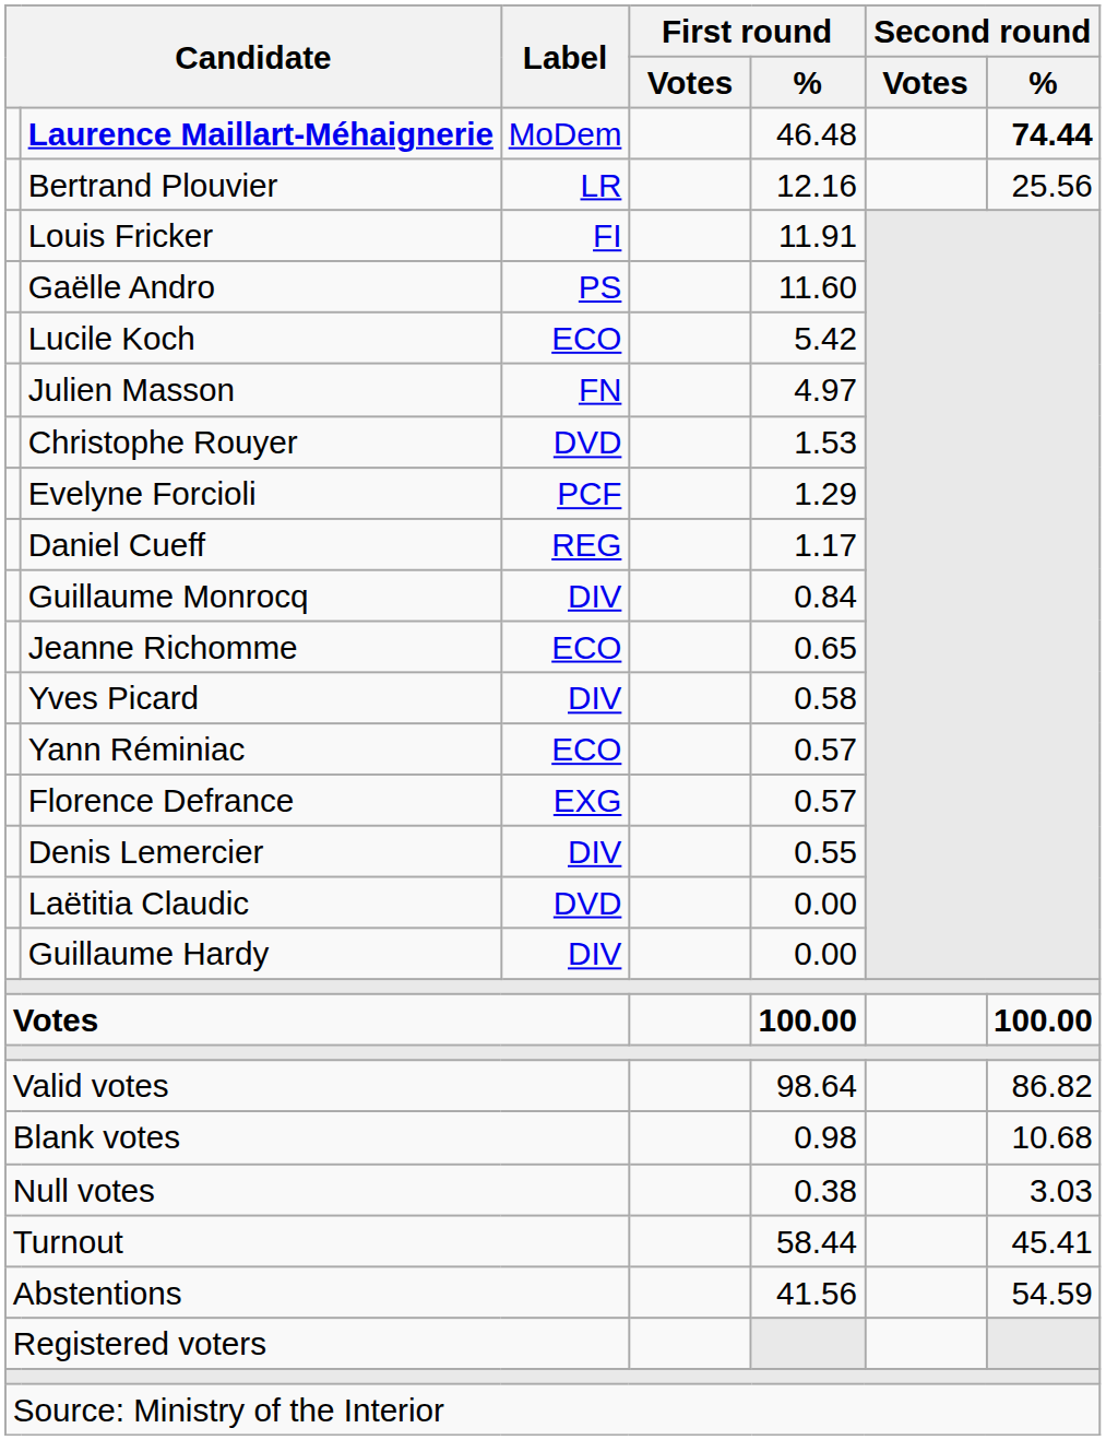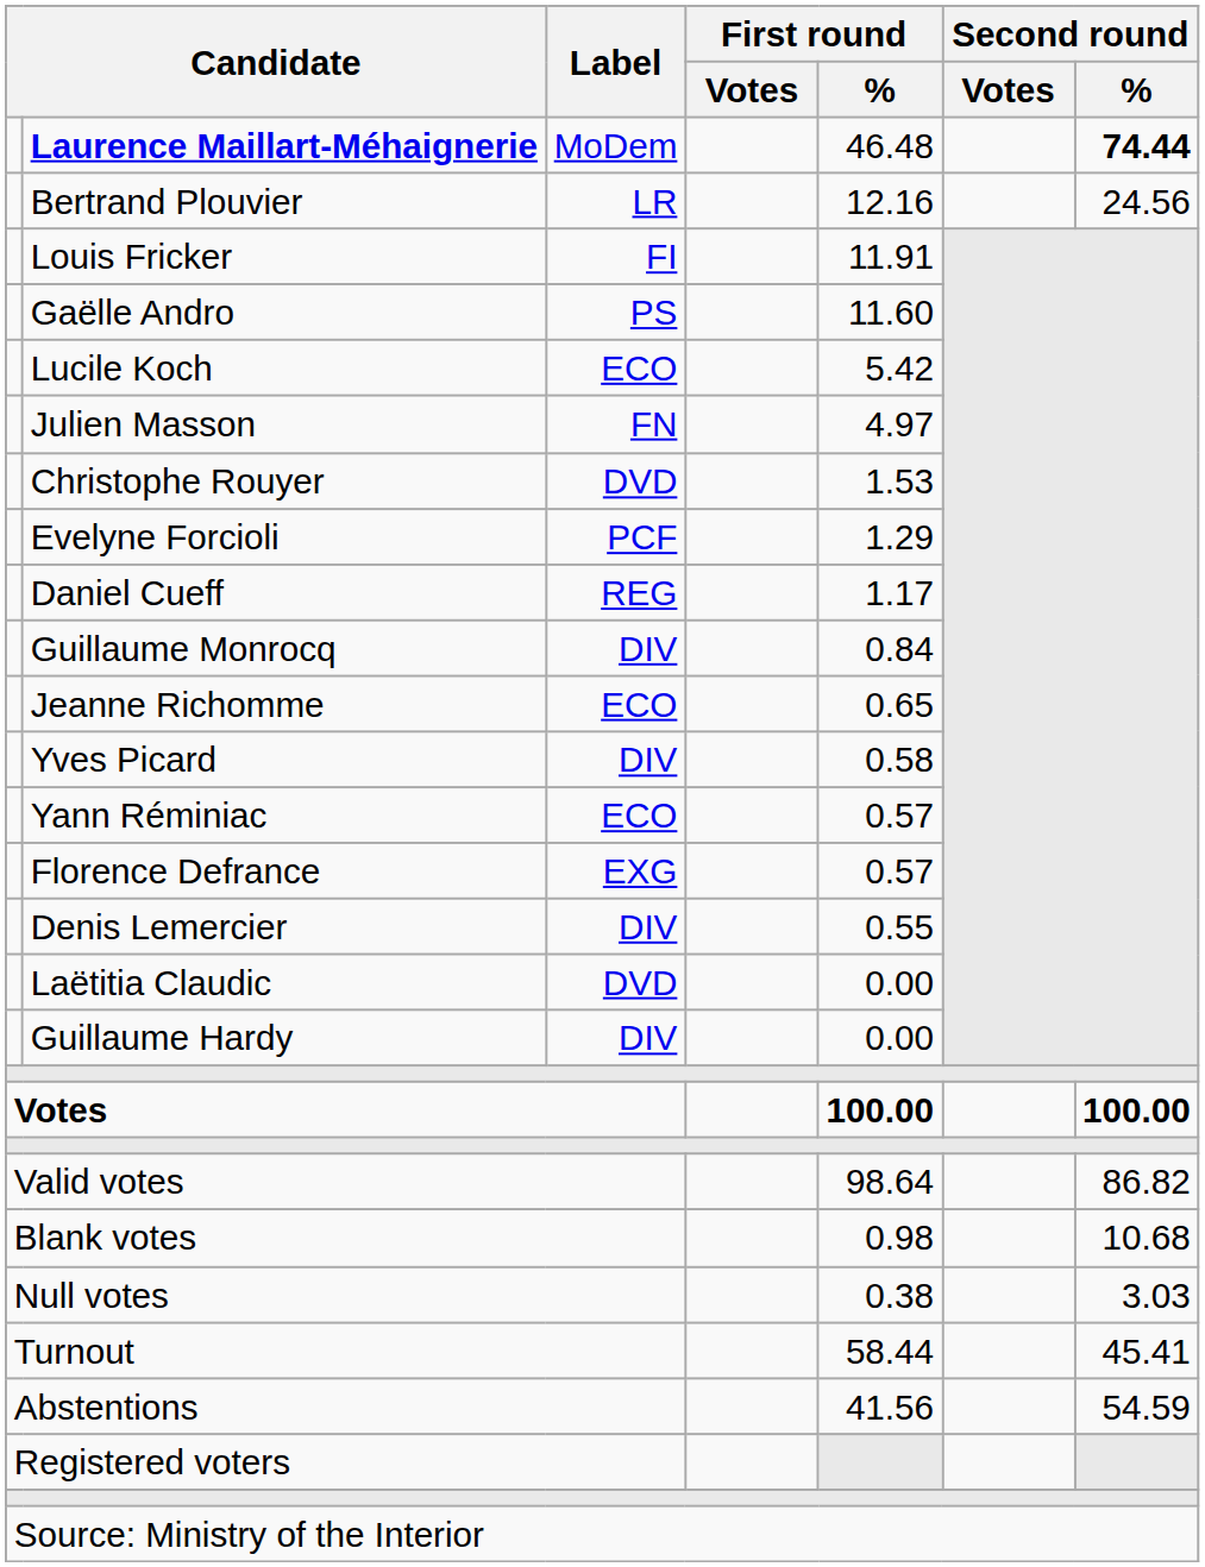 <table class="wikitable" style="text-align:right;font-size:95%;">
 <tr>
 <th rowspan="2" colspan="2">Candidate</th>
 <th rowspan="2">Label</th>
 <th colspan="2">First round</th>
 <th colspan="2">Second round</th>
 </tr>
 <tr>
 <th style="width:50px;">Votes</th>
 <th style="width:45px;">%</th>
 <th style="width:50px;">Votes</th>
 <th style="width:45px;">%</th>
 </tr>
 <tr>
 <td style="color:inherit;background:"></td>
 <td style="text-align:left;"><strong><a href='#'>Laurence Maillart-Méhaignerie</a></strong></td>
 <td><a href='#'>MoDem</a></td>
 <td></td>
 <td>46.48</td>
 <td><strong></strong></td>
 <td><strong>74.44</strong></td>
 </tr>
 <tr>
 <td style="color:inherit;background:"></td>
 <td style="text-align:left;">Bertrand Plouvier</td>
 <td><a href='#'>LR</a></td>
 <td></td>
 <td>12.16</td>
 <td></td>
-<td>25.56</td>
+<td>24.56</td>
 </tr>
 <tr>
 <td style="color:inherit;background:"></td>
 <td style="text-align:left;">Louis Fricker</td>
 <td><a href='#'>FI</a></td>
 <td></td>
 <td>11.91</td>
 <td colspan="2" rowspan="15" style="background:#E9E9E9;"></td>
 </tr>
 <tr>
 <td style="color:inherit;background:"></td>
 <td style="text-align:left;">Gaëlle Andro</td>
 <td><a href='#'>PS</a></td>
 <td></td>
 <td>11.60</td>
 </tr>
 <tr>
 <td style="color:inherit;background:"></td>
 <td style="text-align:left;">Lucile Koch</td>
 <td><a href='#'>ECO</a></td>
 <td></td>
 <td>5.42</td>
 </tr>
 <tr>
 <td style="color:inherit;background:"></td>
 <td style="text-align:left;">Julien Masson</td>
 <td><a href='#'>FN</a></td>
 <td></td>
 <td>4.97</td>
 </tr>
 <tr>
 <td style="color:inherit;background:"></td>
 <td style="text-align:left;">Christophe Rouyer</td>
 <td><a href='#'>DVD</a></td>
 <td></td>
 <td>1.53</td>
 </tr>
 <tr>
 <td style="color:inherit;background:"></td>
 <td style="text-align:left;">Evelyne Forcioli</td>
 <td><a href='#'>PCF</a></td>
 <td></td>
 <td>1.29</td>
 </tr>
 <tr>
 <td style="color:inherit;background:"></td>
 <td style="text-align:left;">Daniel Cueff</td>
 <td><a href='#'>REG</a></td>
 <td></td>
 <td>1.17</td>
 </tr>
 <tr>
 <td style="color:inherit;background:"></td>
 <td style="text-align:left;">Guillaume Monrocq</td>
 <td><a href='#'>DIV</a></td>
 <td></td>
 <td>0.84</td>
 </tr>
 <tr>
 <td style="color:inherit;background:"></td>
 <td style="text-align:left;">Jeanne Richomme</td>
 <td><a href='#'>ECO</a></td>
 <td></td>
 <td>0.65</td>
 </tr>
 <tr>
 <td style="color:inherit;background:"></td>
 <td style="text-align:left;">Yves Picard</td>
 <td><a href='#'>DIV</a></td>
 <td></td>
 <td>0.58</td>
 </tr>
 <tr>
 <td style="color:inherit;background:"></td>
 <td style="text-align:left;">Yann Réminiac</td>
 <td><a href='#'>ECO</a></td>
 <td></td>
 <td>0.57</td>
 </tr>
 <tr>
 <td style="color:inherit;background:"></td>
 <td style="text-align:left;">Florence Defrance</td>
 <td><a href='#'>EXG</a></td>
 <td></td>
 <td>0.57</td>
 </tr>
 <tr>
 <td style="color:inherit;background:"></td>
 <td style="text-align:left;">Denis Lemercier</td>
 <td><a href='#'>DIV</a></td>
 <td></td>
 <td>0.55</td>
 </tr>
 <tr>
 <td style="color:inherit;background:"></td>
 <td style="text-align:left;">Laëtitia Claudic</td>
 <td><a href='#'>DVD</a></td>
 <td></td>
 <td>0.00</td>
 </tr>
 <tr>
 <td style="color:inherit;background:"></td>
 <td style="text-align:left;">Guillaume Hardy</td>
 <td><a href='#'>DIV</a></td>
 <td></td>
 <td>0.00</td>
 </tr>
 <tr>
 <td colspan="7" style="background:#E9E9E9;"></td>
 </tr>
 <tr style="font-weight:bold;">
 <td colspan="3" style="text-align:left;">Votes</td>
 <td></td>
 <td>100.00</td>
 <td></td>
 <td>100.00</td>
 </tr>
 <tr>
 <td colspan="7" style="background:#E9E9E9;"></td>
 </tr>
 <tr>
 <td colspan="3" style="text-align:left;">Valid votes</td>
 <td></td>
 <td>98.64</td>
 <td></td>
 <td>86.82</td>
 </tr>
 <tr>
 <td colspan="3" style="text-align:left;">Blank votes</td>
 <td></td>
 <td>0.98</td>
 <td></td>
 <td>10.68</td>
 </tr>
 <tr>
 <td colspan="3" style="text-align:left;">Null votes</td>
 <td></td>
 <td>0.38</td>
 <td></td>
 <td>3.03</td>
 </tr>
 <tr>
 <td colspan="3" style="text-align:left;">Turnout</td>
 <td></td>
 <td>58.44</td>
 <td></td>
 <td>45.41</td>
 </tr>
 <tr>
 <td colspan="3" style="text-align:left;">Abstentions</td>
 <td></td>
 <td>41.56</td>
 <td></td>
 <td>54.59</td>
 </tr>
 <tr>
 <td colspan="3" style="text-align:left;">Registered voters</td>
 <td></td>
 <td style="color:inherit;background:#E9E9E9;"></td>
 <td></td>
 <td style="color:inherit;background:#E9E9E9;"></td>
 </tr>
 <tr>
 <td colspan="7" style="background:#E9E9E9;"></td>
 </tr>
 <tr>
 <td colspan="7" style="text-align:left;">Source: Ministry of the Interior</td>
 </tr>
 </table>
